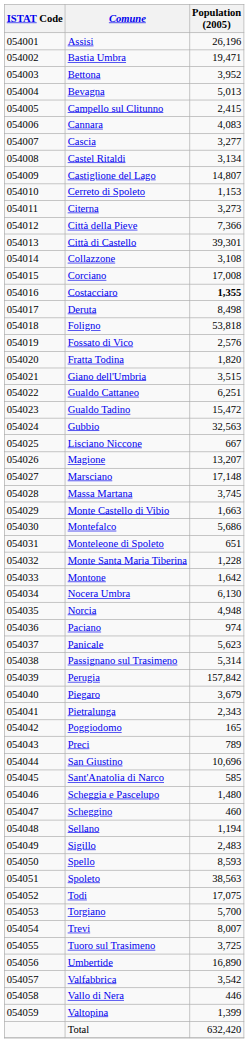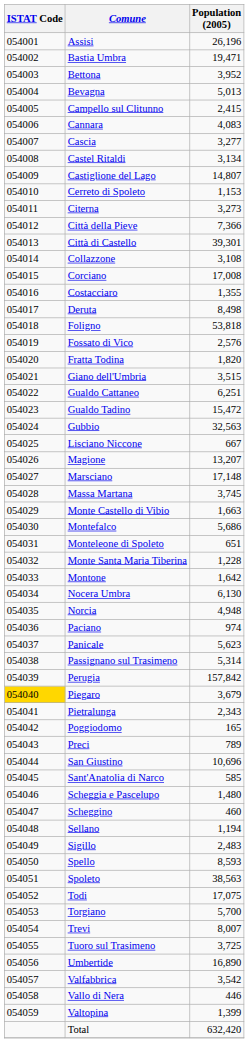 <table class="wikitable sortable">
 <tr>
 <th><a href='#'>ISTAT</a> Code</th>
 <th><em><a href='#'>Comune</a></em></th>
 <th>Population <br>(2005)</th>
 </tr>
 <tr>
 <td>054001</td>
 <td><a href='#'>Assisi</a></td>
 <td align="right">26,196</td>
 </tr>
 <tr>
 <td>054002</td>
 <td><a href='#'>Bastia Umbra</a></td>
 <td align="right">19,471</td>
 </tr>
 <tr>
 <td>054003</td>
 <td><a href='#'>Bettona</a></td>
 <td align="right">3,952</td>
 </tr>
 <tr>
 <td>054004</td>
 <td><a href='#'>Bevagna</a></td>
 <td align="right">5,013</td>
 </tr>
 <tr>
 <td>054005</td>
 <td><a href='#'>Campello sul Clitunno</a></td>
 <td align="right">2,415</td>
 </tr>
 <tr>
 <td>054006</td>
 <td><a href='#'>Cannara</a></td>
 <td align="right">4,083</td>
 </tr>
 <tr>
 <td>054007</td>
 <td><a href='#'>Cascia</a></td>
 <td align="right">3,277</td>
 </tr>
 <tr>
 <td>054008</td>
 <td><a href='#'>Castel Ritaldi</a></td>
 <td align="right">3,134</td>
 </tr>
 <tr>
 <td>054009</td>
 <td><a href='#'>Castiglione del Lago</a></td>
 <td align="right">14,807</td>
 </tr>
 <tr>
 <td>054010</td>
 <td><a href='#'>Cerreto di Spoleto</a></td>
 <td align="right">1,153</td>
 </tr>
 <tr>
 <td>054011</td>
 <td><a href='#'>Citerna</a></td>
 <td align="right">3,273</td>
 </tr>
 <tr>
 <td>054012</td>
 <td><a href='#'>Città della Pieve</a></td>
 <td align="right">7,366</td>
 </tr>
 <tr>
 <td>054013</td>
 <td><a href='#'>Città di Castello</a></td>
 <td align="right">39,301</td>
 </tr>
 <tr>
 <td>054014</td>
 <td><a href='#'>Collazzone</a></td>
 <td align="right">3,108</td>
 </tr>
 <tr>
 <td>054015</td>
 <td><a href='#'>Corciano</a></td>
 <td align="right">17,008</td>
 </tr>
 <tr>
 <td>054016</td>
 <td><a href='#'>Costacciaro</a></td>
-<td align="right"><strong>1,355</strong></td>
+<td align="right">1,355</td>
 </tr>
 <tr>
 <td>054017</td>
 <td><a href='#'>Deruta</a></td>
 <td align="right">8,498</td>
 </tr>
 <tr>
 <td>054018</td>
 <td><a href='#'>Foligno</a></td>
 <td align="right">53,818</td>
 </tr>
 <tr>
 <td>054019</td>
 <td><a href='#'>Fossato di Vico</a></td>
 <td align="right">2,576</td>
 </tr>
 <tr>
 <td>054020</td>
 <td><a href='#'>Fratta Todina</a></td>
 <td align="right">1,820</td>
 </tr>
 <tr>
 <td>054021</td>
 <td><a href='#'>Giano dell'Umbria</a></td>
 <td align="right">3,515</td>
 </tr>
 <tr>
 <td>054022</td>
 <td><a href='#'>Gualdo Cattaneo</a></td>
 <td align="right">6,251</td>
 </tr>
 <tr>
 <td>054023</td>
 <td><a href='#'>Gualdo Tadino</a></td>
 <td align="right">15,472</td>
 </tr>
 <tr>
 <td>054024</td>
 <td><a href='#'>Gubbio</a></td>
 <td align="right">32,563</td>
 </tr>
 <tr>
 <td>054025</td>
 <td><a href='#'>Lisciano Niccone</a></td>
 <td align="right">667</td>
 </tr>
 <tr>
 <td>054026</td>
 <td><a href='#'>Magione</a></td>
 <td align="right">13,207</td>
 </tr>
 <tr>
 <td>054027</td>
 <td><a href='#'>Marsciano</a></td>
 <td align="right">17,148</td>
 </tr>
 <tr>
 <td>054028</td>
 <td><a href='#'>Massa Martana</a></td>
 <td align="right">3,745</td>
 </tr>
 <tr>
 <td>054029</td>
 <td><a href='#'>Monte Castello di Vibio</a></td>
 <td align="right">1,663</td>
 </tr>
 <tr>
 <td>054030</td>
 <td><a href='#'>Montefalco</a></td>
 <td align="right">5,686</td>
 </tr>
 <tr>
 <td>054031</td>
 <td><a href='#'>Monteleone di Spoleto</a></td>
 <td align="right">651</td>
 </tr>
 <tr>
 <td>054032</td>
 <td><a href='#'>Monte Santa Maria Tiberina</a></td>
 <td align="right">1,228</td>
 </tr>
 <tr>
 <td>054033</td>
 <td><a href='#'>Montone</a></td>
 <td align="right">1,642</td>
 </tr>
 <tr>
 <td>054034</td>
 <td><a href='#'>Nocera Umbra</a></td>
 <td align="right">6,130</td>
 </tr>
 <tr>
 <td>054035</td>
 <td><a href='#'>Norcia</a></td>
 <td align="right">4,948</td>
 </tr>
 <tr>
 <td>054036</td>
 <td><a href='#'>Paciano</a></td>
 <td align="right">974</td>
 </tr>
 <tr>
 <td>054037</td>
 <td><a href='#'>Panicale</a></td>
 <td align="right">5,623</td>
 </tr>
 <tr>
 <td>054038</td>
 <td><a href='#'>Passignano sul Trasimeno</a></td>
 <td align="right">5,314</td>
 </tr>
 <tr>
 <td>054039</td>
 <td><a href='#'>Perugia</a></td>
 <td align="right">157,842</td>
 </tr>
 <tr>
-<td>054040</td>
+<td style="background: gold;">054040</td>
 <td><a href='#'>Piegaro</a></td>
 <td align="right">3,679</td>
 </tr>
 <tr>
 <td>054041</td>
 <td><a href='#'>Pietralunga</a></td>
 <td align="right">2,343</td>
 </tr>
 <tr>
 <td>054042</td>
 <td><a href='#'>Poggiodomo</a></td>
 <td align="right">165</td>
 </tr>
 <tr>
 <td>054043</td>
 <td><a href='#'>Preci</a></td>
 <td align="right">789</td>
 </tr>
 <tr>
 <td>054044</td>
 <td><a href='#'>San Giustino</a></td>
 <td align="right">10,696</td>
 </tr>
 <tr>
 <td>054045</td>
 <td><a href='#'>Sant'Anatolia di Narco</a></td>
 <td align="right">585</td>
 </tr>
 <tr>
 <td>054046</td>
 <td><a href='#'>Scheggia e Pascelupo</a></td>
 <td align="right">1,480</td>
 </tr>
 <tr>
 <td>054047</td>
 <td><a href='#'>Scheggino</a></td>
 <td align="right">460</td>
 </tr>
 <tr>
 <td>054048</td>
 <td><a href='#'>Sellano</a></td>
 <td align="right">1,194</td>
 </tr>
 <tr>
 <td>054049</td>
 <td><a href='#'>Sigillo</a></td>
 <td align="right">2,483</td>
 </tr>
 <tr>
 <td>054050</td>
 <td><a href='#'>Spello</a></td>
 <td align="right">8,593</td>
 </tr>
 <tr>
 <td>054051</td>
 <td><a href='#'>Spoleto</a></td>
 <td align="right">38,563</td>
 </tr>
 <tr>
 <td>054052</td>
 <td><a href='#'>Todi</a></td>
 <td align="right">17,075</td>
 </tr>
 <tr>
 <td>054053</td>
 <td><a href='#'>Torgiano</a></td>
 <td align="right">5,700</td>
 </tr>
 <tr>
 <td>054054</td>
 <td><a href='#'>Trevi</a></td>
 <td align="right">8,007</td>
 </tr>
 <tr>
 <td>054055</td>
 <td><a href='#'>Tuoro sul Trasimeno</a></td>
 <td align="right">3,725</td>
 </tr>
 <tr>
 <td>054056</td>
 <td><a href='#'>Umbertide</a></td>
 <td align="right">16,890</td>
 </tr>
 <tr>
 <td>054057</td>
 <td><a href='#'>Valfabbrica</a></td>
 <td align="right">3,542</td>
 </tr>
 <tr>
 <td>054058</td>
 <td><a href='#'>Vallo di Nera</a></td>
 <td align="right">446</td>
 </tr>
 <tr>
 <td>054059</td>
 <td><a href='#'>Valtopina</a></td>
 <td align="right">1,399</td>
 </tr>
 <tr>
 <td></td>
 <td>Total</td>
 <td align="right">632,420</td>
 </tr>
 <tr>
 </tr>
 </table>
